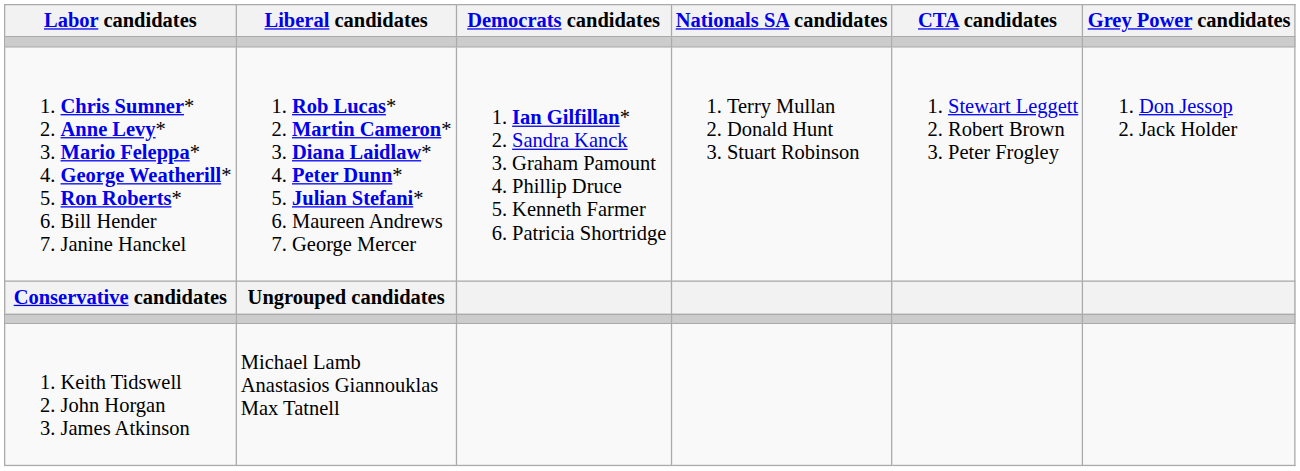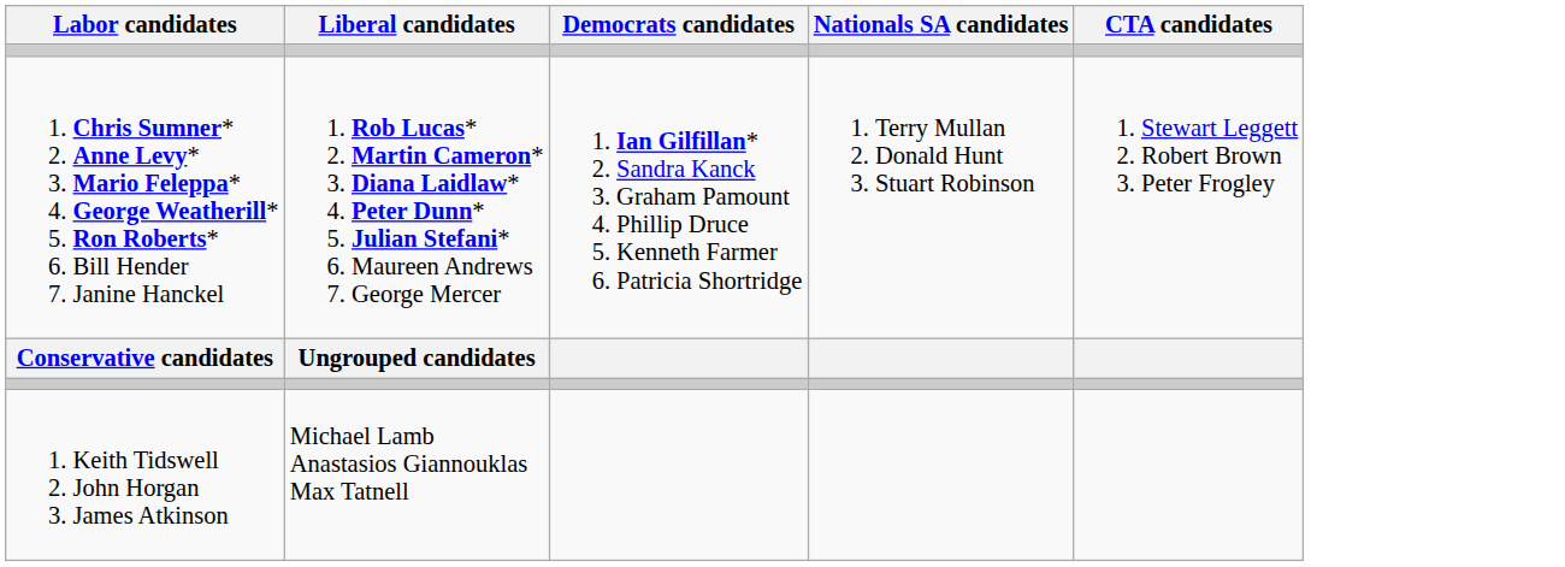 <table class="wikitable">
 <tr>
 <th><a href='#'>Labor</a> candidates</th>
 <th><a href='#'>Liberal</a> candidates</th>
 <th><a href='#'>Democrats</a> candidates</th>
 <th><a href='#'>Nationals SA</a> candidates</th>
 <th><a href='#'>CTA</a> candidates</th>
-<th><a href='#'>Grey Power</a> candidates</th>
 </tr>
 <tr bgcolor="#cccccc">
-<td></td>
 <td></td>
 <td></td>
 <td></td>
 <td></td>
 <td></td>
 </tr>
 <tr>
 <td><br><ol><li><strong><a href='#'>Chris Sumner</a></strong>*</li><li><strong><a href='#'>Anne Levy</a></strong>*</li><li><strong><a href='#'>Mario Feleppa</a></strong>*</li><li><strong><a href='#'>George Weatherill</a></strong>*</li><li><strong><a href='#'>Ron Roberts</a></strong>*</li><li>Bill Hender</li><li>Janine Hanckel</li></ol></td>
 <td><br><ol><li><strong><a href='#'>Rob Lucas</a></strong>*</li><li><strong><a href='#'>Martin Cameron</a></strong>*</li><li><strong><a href='#'>Diana Laidlaw</a></strong>*</li><li><strong><a href='#'>Peter Dunn</a></strong>*</li><li><strong><a href='#'>Julian Stefani</a></strong>*</li><li>Maureen Andrews</li><li>George Mercer</li></ol></td>
 <td><br><ol><li><strong><a href='#'>Ian Gilfillan</a></strong>*</li><li><a href='#'>Sandra Kanck</a></li><li>Graham Pamount</li><li>Phillip Druce</li><li>Kenneth Farmer</li><li>Patricia Shortridge</li></ol></td>
 <td valign=top><br><ol><li>Terry Mullan</li><li>Donald Hunt</li><li>Stuart Robinson</li></ol></td>
 <td valign=top><br><ol><li><a href='#'>Stewart Leggett</a></li><li>Robert Brown</li><li>Peter Frogley</li></ol></td>
-<td valign=top><br><ol><li><a href='#'>Don Jessop</a></li><li>Jack Holder</li></ol></td>
 </tr>
 <tr bgcolor="#cccccc">
 <th><a href='#'>Conservative</a> candidates</th>
 <th>Ungrouped candidates</th>
 <th></th>
 <th></th>
 <th></th>
-<th></th>
 </tr>
 <tr bgcolor="#cccccc">
-<td></td>
 <td></td>
 <td></td>
 <td></td>
 <td></td>
 <td></td>
 </tr>
 <tr>
 <td valign=top><br><ol><li>Keith Tidswell</li><li>John Horgan</li><li>James Atkinson</li></ol></td>
 <td valign=top><br>Michael Lamb <br> Anastasios Giannouklas <br> Max Tatnell</td>
 <td valign=top></td>
 <td valign=top></td>
 <td valign=top></td>
-<td valign=top></td>
 </tr>
 </table>
